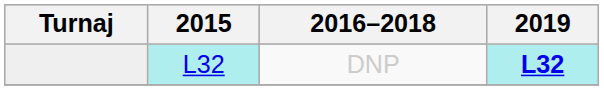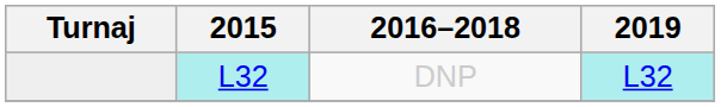 <table class="wikitable" style="width:30%; margin:0">
 <tr>
 <th>Turnaj</th>
 <th>2015</th>
 <th>2016–2018</th>
 <th>2019</th>
 </tr>
 <tr>
 <td style="background:#efefef;"></td>
 <td style="text-align:center; background:#afeeee;"><a href='#'>L32</a></td>
 <td style="text-align:center; color:#ccc;">DNP</td>
-<td style="text-align:center; background:#afeeee;"><strong><a href='#'>L32</a></strong></td>
+<td style="text-align:center; background:#afeeee;"><a href='#'>L32</a></td>
 </tr>
 <tr>
 </tr>
 </table>
